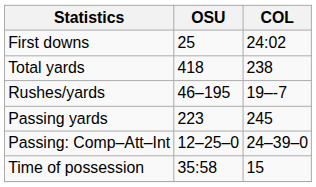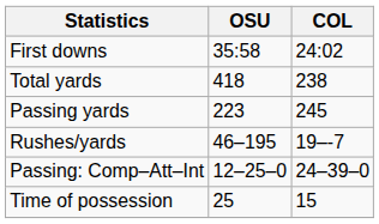 <table class="wikitable" style="float: left;">
 <tr>
 <th>Statistics</th>
 <th>OSU</th>
 <th>COL</th>
 </tr>
 <tr>
 <td>First downs</td>
-<td>25</td>
+<td>35:58</td>
 <td>24:02</td>
 </tr>
 <tr>
 <td>Total yards</td>
 <td>418</td>
 <td>238</td>
 </tr>
 <tr>
+<td>Passing yards</td>
+<td>223</td>
+<td>245</td>
+</tr>
+<tr>
 <td>Rushes/yards</td>
 <td>46–195</td>
 <td>19–-7</td>
-</tr>
-<tr>
-<td>Passing yards</td>
-<td>223</td>
-<td>245</td>
 </tr>
 <tr>
 <td>Passing: Comp–Att–Int</td>
 <td>12–25–0</td>
 <td>24–39–0</td>
 </tr>
 <tr>
 <td>Time of possession</td>
-<td>35:58</td>
+<td>25</td>
 <td>15</td>
 </tr>
 <tr>
 </tr>
 </table>
